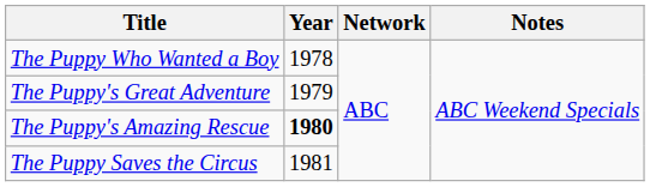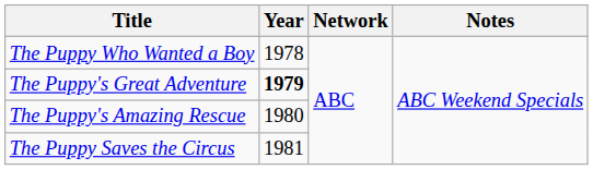 <table class="wikitable sortable">
 <tr>
 <th><strong>Title</strong></th>
 <th><strong>Year</strong></th>
 <th><strong>Network</strong></th>
 <th><strong>Notes</strong></th>
 </tr>
 <tr>
 <td><em><a href='#'>The Puppy Who Wanted a Boy</a></em></td>
 <td>1978</td>
 <td rowspan=4><a href='#'>ABC</a></td>
 <td rowspan=4><em><a href='#'>ABC Weekend Specials</a></em></td>
 </tr>
 <tr>
 <td><em><a href='#'>The Puppy's Great Adventure</a></em></td>
-<td>1979</td>
+<td><strong>1979</strong></td>
 </tr>
 <tr>
 <td><em><a href='#'>The Puppy's Amazing Rescue</a></em></td>
-<td><strong>1980</strong></td>
+<td>1980</td>
 </tr>
 <tr>
 <td><em><a href='#'>The Puppy Saves the Circus</a></em></td>
 <td>1981</td>
 </tr>
 </table>
